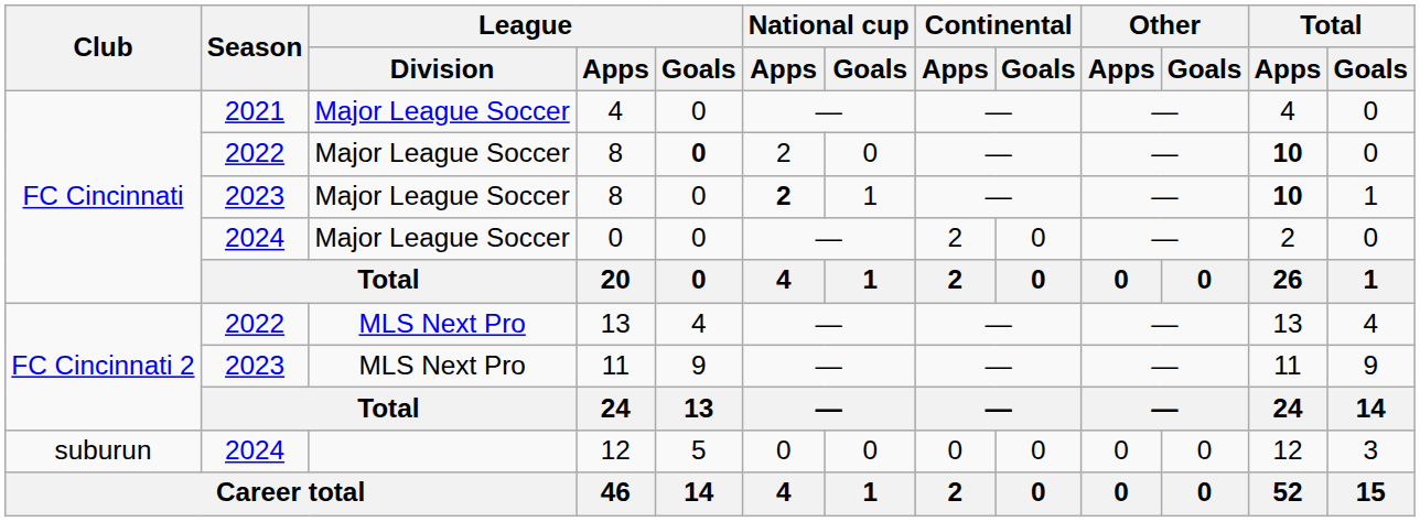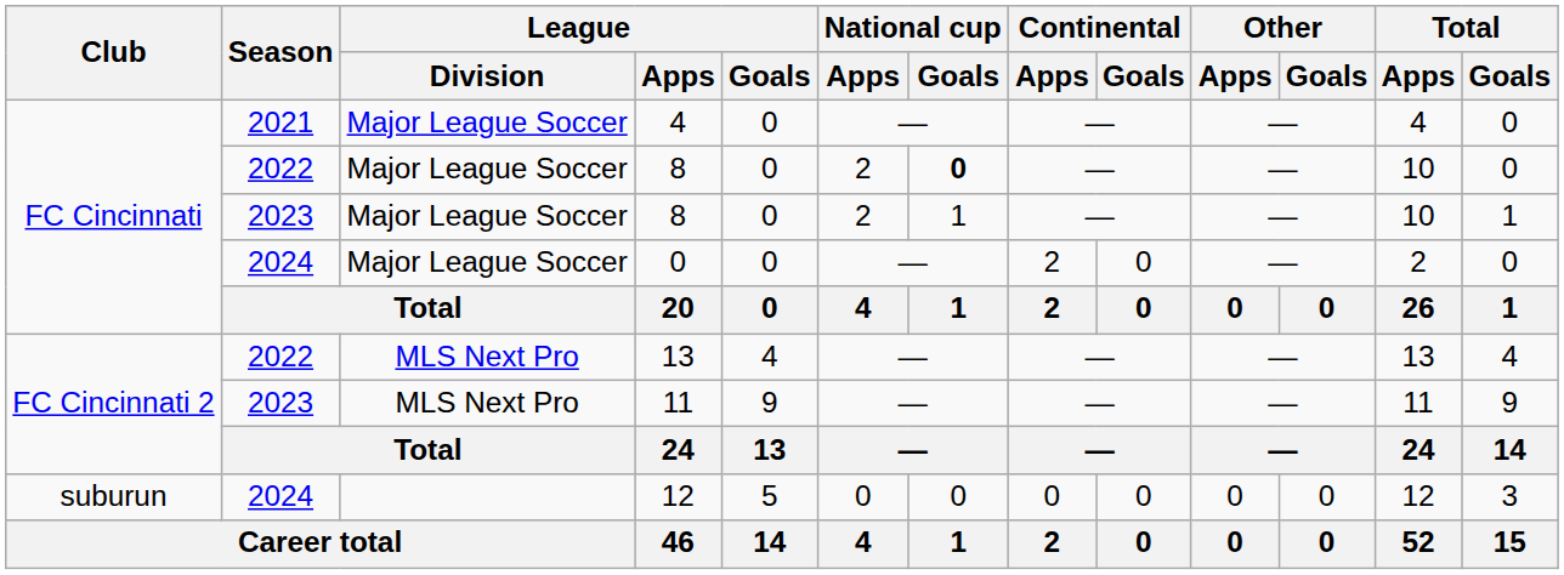 <table class=wikitable style=text-align:center>
 <tr>
 <th rowspan=2>Club</th>
 <th rowspan=2>Season</th>
 <th colspan=3>League</th>
 <th colspan=2>National cup</th>
 <th colspan=2>Continental</th>
 <th colspan=2>Other</th>
 <th colspan=2>Total</th>
 </tr>
 <tr>
 <th>Division</th>
 <th>Apps</th>
 <th>Goals</th>
 <th>Apps</th>
 <th>Goals</th>
 <th>Apps</th>
 <th>Goals</th>
 <th>Apps</th>
 <th>Goals</th>
 <th>Apps</th>
 <th>Goals</th>
 </tr>
 <tr>
 <td rowspan=5><a href='#'>FC Cincinnati</a></td>
 <td><a href='#'>2021</a></td>
 <td><a href='#'>Major League Soccer</a></td>
 <td>4</td>
 <td>0</td>
 <td colspan=2>—</td>
 <td colspan=2>—</td>
 <td colspan=2>—</td>
 <td>4</td>
 <td>0</td>
 </tr>
 <tr>
 <td><a href='#'>2022</a></td>
 <td>Major League Soccer</td>
 <td>8</td>
+<td>0</td>
+<td>2</td>
 <td><strong>0</strong></td>
-<td>2</td>
-<td>0</td>
 <td colspan=2>—</td>
 <td colspan=2>—</td>
-<td><strong>10</strong></td>
+<td>10</td>
 <td>0</td>
 </tr>
 <tr>
 <td><a href='#'>2023</a></td>
 <td>Major League Soccer</td>
 <td>8</td>
 <td>0</td>
-<td><strong>2</strong></td>
+<td>2</td>
 <td>1</td>
 <td colspan=2>—</td>
 <td colspan=2>—</td>
-<td><strong>10</strong></td>
+<td>10</td>
 <td>1</td>
 </tr>
 <tr>
 <td><a href='#'>2024</a></td>
 <td>Major League Soccer</td>
 <td>0</td>
 <td>0</td>
 <td colspan=2>—</td>
 <td>2</td>
 <td>0</td>
 <td colspan=2>—</td>
 <td>2</td>
 <td>0</td>
 </tr>
 <tr>
 <th colspan="2">Total</th>
 <th>20</th>
 <th>0</th>
 <th>4</th>
 <th>1</th>
 <th>2</th>
 <th>0</th>
 <th>0</th>
 <th>0</th>
 <th>26</th>
 <th>1</th>
 </tr>
 <tr>
 <td rowspan=3><a href='#'>FC Cincinnati 2</a></td>
 <td><a href='#'>2022</a></td>
 <td><a href='#'>MLS Next Pro</a></td>
 <td>13</td>
 <td>4</td>
 <td colspan="2">—</td>
 <td colspan=2>—</td>
 <td colspan=2>—</td>
 <td>13</td>
 <td>4</td>
 </tr>
 <tr>
 <td><a href='#'>2023</a></td>
 <td>MLS Next Pro</td>
 <td>11</td>
 <td>9</td>
 <td colspan="2">—</td>
 <td colspan=2>—</td>
 <td colspan=2>—</td>
 <td>11</td>
 <td>9</td>
 </tr>
 <tr>
 <th colspan="2">Total</th>
 <th>24</th>
 <th>13</th>
 <th colspan=2>—</th>
 <th colspan=2>—</th>
 <th colspan=2>—</th>
 <th>24</th>
 <th>14</th>
 </tr>
 <tr>
 <td rowspan=1>suburun</td>
 <td><a href='#'>2024</a></td>
 <td></td>
 <td>12</td>
 <td>5</td>
 <td>0</td>
 <td>0</td>
 <td>0</td>
 <td>0</td>
 <td>0</td>
 <td>0</td>
 <td>12</td>
 <td>3</td>
 </tr>
 <tr>
 <th colspan=3>Career total</th>
 <th>46</th>
 <th>14</th>
 <th>4</th>
 <th>1</th>
 <th>2</th>
 <th>0</th>
 <th>0</th>
 <th>0</th>
 <th>52</th>
 <th>15</th>
 </tr>
 </table>
